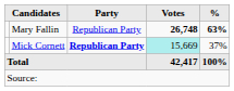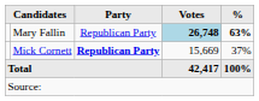 <table class=wikitable style="font-size:95%; text-align:right;">
 <tr>
 <th style="background:#e9e9e9; text-align:center;" colspan="2">Candidates</th>
 <th style="background:#e9e9e9; text-align:center;">Party</th>
 <th style="background:#e9e9e9; text-align:center;">Votes</th>
 <th style="background:#e9e9e9; text-align:center;">%</th>
 </tr>
 <tr>
 <td></td>
 <td align=left>Mary Fallin</td>
 <td align=center><a href='#'>Republican Party</a></td>
-<td><strong>26,748</strong></td>
+<td style="background: lightblue;"><strong>26,748</strong></td>
 <td><strong>63%</strong></td>
 </tr>
 <tr>
 <td></td>
 <td align=left><a href='#'>Mick Cornett</a></td>
 <td align=center><strong><a href='#'>Republican Party</a></strong></td>
-<td style="background: paleturquoise;">15,669</td>
+<td>15,669</td>
 <td>37%</td>
 </tr>
 <tr style="background:#e9e9e9;">
 <td colspan="3" style="text-align:left; "><strong>Total</strong></td>
 <td style="text-align:right; width:75px; "><strong>42,417</strong></td>
 <td style="text-align:right; width:30px; "><strong>100%</strong></td>
 </tr>
 <tr>
 <td style="text-align:left;" colspan="6">Source: </td>
 </tr>
 </table>
